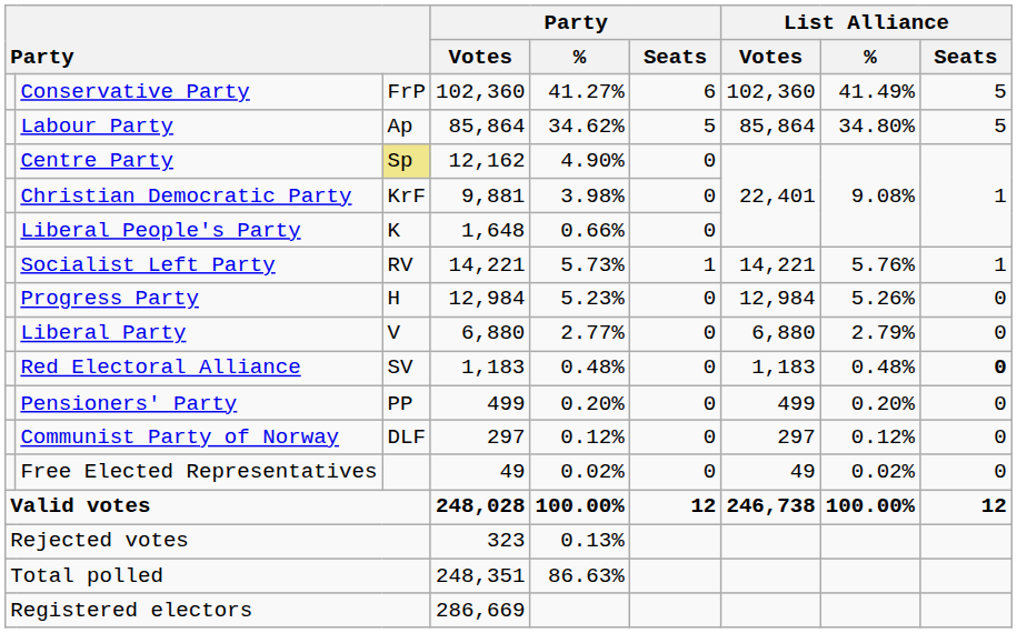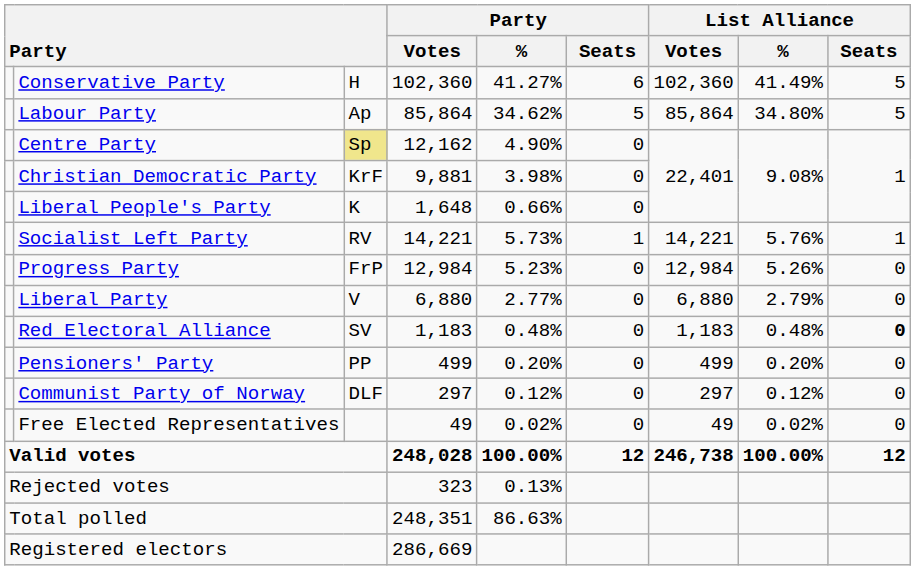 <table class="wikitable" border="1" style="text-align:right;">
 <tr>
 <th style="text-align:left;" valign=bottom rowspan=2 colspan=3>Party</th>
 <th colspan=3>Party</th>
 <th colspan=3>List Alliance</th>
 </tr>
 <tr>
 <th align=center valign=bottom width="50">Votes</th>
 <th align=center valign=bottom width="50">%</th>
 <th align=center valign=bottom width="50">Seats</th>
 <th align=center valign=bottom width="50">Votes</th>
 <th align=center valign=bottom width="50">%</th>
 <th align=center valign=bottom width="50">Seats</th>
 </tr>
 <tr>
 <td style="color:inherit;background:"></td>
 <td align=left><a href='#'>Conservative Party</a></td>
-<td align=left>FrP</td>
+<td align=left>H</td>
 <td>102,360</td>
 <td>41.27%</td>
 <td>6</td>
 <td>102,360</td>
 <td>41.49%</td>
 <td>5</td>
 </tr>
 <tr>
 <td style="color:inherit;background:"></td>
 <td align=left><a href='#'>Labour Party</a></td>
 <td align=left>Ap</td>
 <td>85,864</td>
 <td>34.62%</td>
 <td>5</td>
 <td>85,864</td>
 <td>34.80%</td>
 <td>5</td>
 </tr>
 <tr>
 <td style="color:inherit;background:"></td>
 <td align=left><a href='#'>Centre Party</a></td>
 <td align=left style="background: khaki;">Sp</td>
 <td>12,162</td>
 <td>4.90%</td>
 <td>0</td>
 <td rowspan=3>22,401</td>
 <td rowspan=3>9.08%</td>
 <td rowspan=3>1</td>
 </tr>
 <tr>
 <td style="color:inherit;background:"></td>
 <td align=left><a href='#'>Christian Democratic Party</a></td>
 <td align=left>KrF</td>
 <td>9,881</td>
 <td>3.98%</td>
 <td>0</td>
 </tr>
 <tr>
 <td style="color:inherit;background:"></td>
 <td align=left><a href='#'>Liberal People's Party</a></td>
 <td align=left>K</td>
 <td>1,648</td>
 <td>0.66%</td>
 <td>0</td>
 </tr>
 <tr>
 <td style="color:inherit;background:"></td>
 <td align=left><a href='#'>Socialist Left Party</a></td>
 <td align=left>RV</td>
 <td>14,221</td>
 <td>5.73%</td>
 <td>1</td>
 <td>14,221</td>
 <td>5.76%</td>
 <td>1</td>
 </tr>
 <tr>
 <td style="color:inherit;background:"></td>
 <td align=left><a href='#'>Progress Party</a></td>
-<td align=left>H</td>
+<td align=left>FrP</td>
 <td>12,984</td>
 <td>5.23%</td>
 <td>0</td>
 <td>12,984</td>
 <td>5.26%</td>
 <td>0</td>
 </tr>
 <tr>
 <td style="color:inherit;background:"></td>
 <td align=left><a href='#'>Liberal Party</a></td>
 <td align=left>V</td>
 <td>6,880</td>
 <td>2.77%</td>
 <td>0</td>
 <td>6,880</td>
 <td>2.79%</td>
 <td>0</td>
 </tr>
 <tr>
 <td style="color:inherit;background:"></td>
 <td align=left><a href='#'>Red Electoral Alliance</a></td>
 <td align=left>SV</td>
 <td>1,183</td>
 <td>0.48%</td>
 <td>0</td>
 <td>1,183</td>
 <td>0.48%</td>
 <td><strong>0</strong></td>
 </tr>
 <tr>
 <td style="color:inherit;background:"></td>
 <td align=left><a href='#'>Pensioners' Party</a></td>
 <td align=left>PP</td>
 <td>499</td>
 <td>0.20%</td>
 <td>0</td>
 <td>499</td>
 <td>0.20%</td>
 <td>0</td>
 </tr>
 <tr>
 <td style="color:inherit;background:"></td>
 <td align=left><a href='#'>Communist Party of Norway</a></td>
 <td align=left>DLF</td>
 <td>297</td>
 <td>0.12%</td>
 <td>0</td>
 <td>297</td>
 <td>0.12%</td>
 <td>0</td>
 </tr>
 <tr>
 <td></td>
 <td align=left>Free Elected Representatives</td>
 <td align=left></td>
 <td>49</td>
 <td>0.02%</td>
 <td>0</td>
 <td>49</td>
 <td>0.02%</td>
 <td>0</td>
 </tr>
 <tr style="font-weight:bold">
 <td align=left colspan=3>Valid votes</td>
 <td>248,028</td>
 <td>100.00%</td>
 <td>12</td>
 <td>246,738</td>
 <td>100.00%</td>
 <td>12</td>
 </tr>
 <tr>
 <td align=left colspan=3>Rejected votes</td>
 <td>323</td>
 <td>0.13%</td>
 <td></td>
 <td></td>
 <td></td>
 <td></td>
 </tr>
 <tr>
 <td align=left colspan=3>Total polled</td>
 <td>248,351</td>
 <td>86.63%</td>
 <td></td>
 <td></td>
 <td></td>
 <td></td>
 </tr>
 <tr>
 <td align=left colspan=3>Registered electors</td>
 <td>286,669</td>
 <td></td>
 <td></td>
 <td></td>
 <td></td>
 </tr>
 </table>
